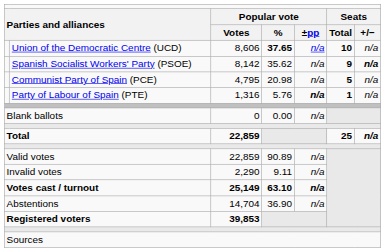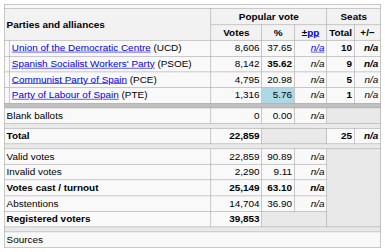 <table class="wikitable" style="text-align:right;">
 <tr>
 <td colspan="7"></td>
 </tr>
 <tr>
 <th style="text-align:left;" rowspan="2" colspan="2" width="525">Parties and alliances</th>
 <th colspan="3">Popular vote</th>
 <th colspan="2">Seats</th>
 </tr>
 <tr>
 <th width="75">Votes</th>
 <th width="45">%</th>
 <th width="45">±<a href='#'>pp</a></th>
 <th width="35">Total</th>
 <th width="35">+/−</th>
 </tr>
 <tr>
 <td width="1" style="color:inherit;background:"></td>
 <td align="left"><a href='#'>Union of the Democratic Centre</a> (UCD)</td>
 <td>8,606</td>
-<td><strong>37.65</strong></td>
+<td>37.65</td>
 <td><em><a href='#'>n/a</a></em></td>
 <td><strong>10</strong></td>
-<td><em>n/a</em></td>
+<td><strong><em>n/a</em></strong></td>
 </tr>
 <tr>
 <td style="color:inherit;background:"></td>
 <td align="left"><a href='#'>Spanish Socialist Workers' Party</a> (PSOE)</td>
 <td>8,142</td>
-<td>35.62</td>
+<td><strong>35.62</strong></td>
 <td><em>n/a</em></td>
 <td><strong>9</strong></td>
 <td><strong><em>n/a</em></strong></td>
 </tr>
 <tr>
 <td style="color:inherit;background:"></td>
 <td align="left"><a href='#'>Communist Party of Spain</a> (PCE)</td>
 <td>4,795</td>
 <td>20.98</td>
 <td><em>n/a</em></td>
 <td><strong>5</strong></td>
 <td><em>n/a</em></td>
 </tr>
 <tr>
 <td style="color:inherit;background:"></td>
 <td align="left"><a href='#'>Party of Labour of Spain</a> (PTE)</td>
 <td>1,316</td>
-<td>5.76</td>
-<td><strong><em>n/a</em></strong></td>
+<td style="background: lightblue;">5.76</td>
+<td><em>n/a</em></td>
 <td><strong>1</strong></td>
 <td><em>n/a</em></td>
 </tr>
 <tr>
 <td colspan="7" bgcolor="#C0C0C0"></td>
 </tr>
 <tr>
 <td align="left" colspan="2">Blank ballots</td>
 <td>0</td>
 <td>0.00</td>
 <td><em>n/a</em></td>
 <td bgcolor="#E9E9E9" colspan="2"></td>
 </tr>
 <tr>
 <td colspan="7" bgcolor="#E9E9E9"></td>
 </tr>
 <tr style="font-weight:bold;">
 <td align="left" colspan="2">Total</td>
 <td>22,859</td>
 <td bgcolor="#E9E9E9" colspan="2"></td>
 <td>25</td>
 <td><em>n/a</em></td>
 </tr>
 <tr>
 <td colspan="7" bgcolor="#E9E9E9"></td>
 </tr>
 <tr>
 <td align="left" colspan="2">Valid votes</td>
 <td>22,859</td>
 <td>90.89</td>
 <td><em>n/a</em></td>
 <td bgcolor="#E9E9E9" colspan="2" rowspan="5"></td>
 </tr>
 <tr>
 <td align="left" colspan="2">Invalid votes</td>
 <td>2,290</td>
 <td>9.11</td>
 <td><em>n/a</em></td>
 </tr>
 <tr style="font-weight:bold;">
 <td align="left" colspan="2">Votes cast / turnout</td>
 <td>25,149</td>
 <td>63.10</td>
 <td><em>n/a</em></td>
 </tr>
 <tr>
 <td align="left" colspan="2">Abstentions</td>
 <td>14,704</td>
 <td>36.90</td>
 <td><em>n/a</em></td>
 </tr>
 <tr style="font-weight:bold;">
 <td align="left" colspan="2">Registered voters</td>
 <td>39,853</td>
 <td bgcolor="#E9E9E9" colspan="2"></td>
 </tr>
 <tr>
 <td colspan="7" bgcolor="#E9E9E9"></td>
 </tr>
 <tr>
 <td align="left" colspan="7">Sources</td>
 </tr>
 </table>
